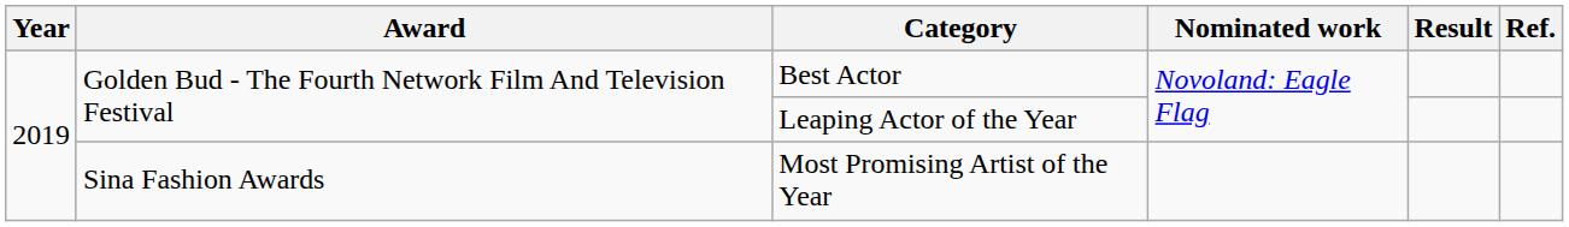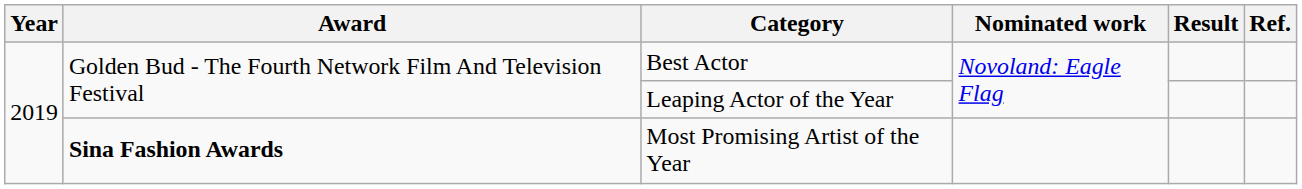 <table class="wikitable">
 <tr>
 <th>Year</th>
 <th>Award</th>
 <th>Category</th>
 <th>Nominated work</th>
 <th>Result</th>
 <th>Ref.</th>
 </tr>
 <tr>
 <td rowspan=3>2019</td>
 <td rowspan=2>Golden Bud - The Fourth Network Film And Television Festival</td>
 <td>Best Actor</td>
 <td rowspan=2><em><a href='#'>Novoland: Eagle Flag</a></em></td>
 <td></td>
 <td></td>
 </tr>
 <tr>
 <td>Leaping Actor of the Year</td>
 <td></td>
 <td></td>
 </tr>
 <tr>
-<td>Sina Fashion Awards</td>
+<td><strong>Sina Fashion Awards</strong></td>
 <td>Most Promising Artist of the Year</td>
 <td></td>
 <td></td>
 <td></td>
 </tr>
 </table>
